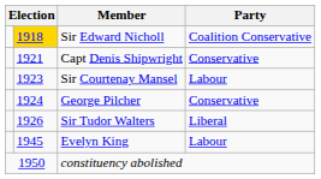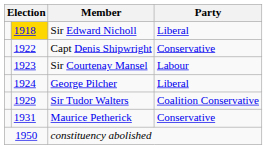 <table class="wikitable">
 <tr>
 <th colspan="2">Election</th>
 <th>Member</th>
 <th>Party</th>
 </tr>
 <tr>
 <td style="color:inherit;background-color: "></td>
 <td style="background: gold;"><a href='#'>1918</a></td>
 <td>Sir <a href='#'>Edward Nicholl</a></td>
-<td><a href='#'>Coalition Conservative</a></td>
+<td><a href='#'>Liberal</a></td>
 </tr>
 <tr>
 <td style="color:inherit;background-color: "></td>
-<td><a href='#'>1921</a></td>
+<td><a href='#'>1922</a></td>
 <td>Capt <a href='#'>Denis Shipwright</a></td>
 <td><a href='#'>Conservative</a></td>
 </tr>
 <tr>
 <td style="color:inherit;background-color: "></td>
 <td><a href='#'>1923</a></td>
 <td>Sir <a href='#'>Courtenay Mansel</a></td>
 <td><a href='#'>Labour</a></td>
 </tr>
 <tr>
 <td style="color:inherit;background-color: "></td>
 <td><a href='#'>1924</a></td>
 <td><a href='#'>George Pilcher</a></td>
-<td><a href='#'>Conservative</a></td>
-</tr>
-<tr>
-<td style="color:inherit;background-color: "></td>
-<td><a href='#'>1926</a></td>
-<td><a href='#'>Sir Tudor Walters</a></td>
 <td><a href='#'>Liberal</a></td>
 </tr>
 <tr>
 <td style="color:inherit;background-color: "></td>
-<td><a href='#'>1945</a></td>
-<td><a href='#'>Evelyn King</a></td>
-<td><a href='#'>Labour</a></td>
+<td><a href='#'>1929</a></td>
+<td><a href='#'>Sir Tudor Walters</a></td>
+<td><a href='#'>Coalition Conservative</a></td>
+</tr>
+<tr>
+<td style="color:inherit;background-color: "></td>
+<td><a href='#'>1931</a></td>
+<td><a href='#'>Maurice Petherick</a></td>
+<td><a href='#'>Conservative</a></td>
 </tr>
 <tr>
 <td colspan="2" align="center"><a href='#'>1950</a></td>
 <td colspan="2"><em>constituency abolished</em></td>
 </tr>
 </table>
